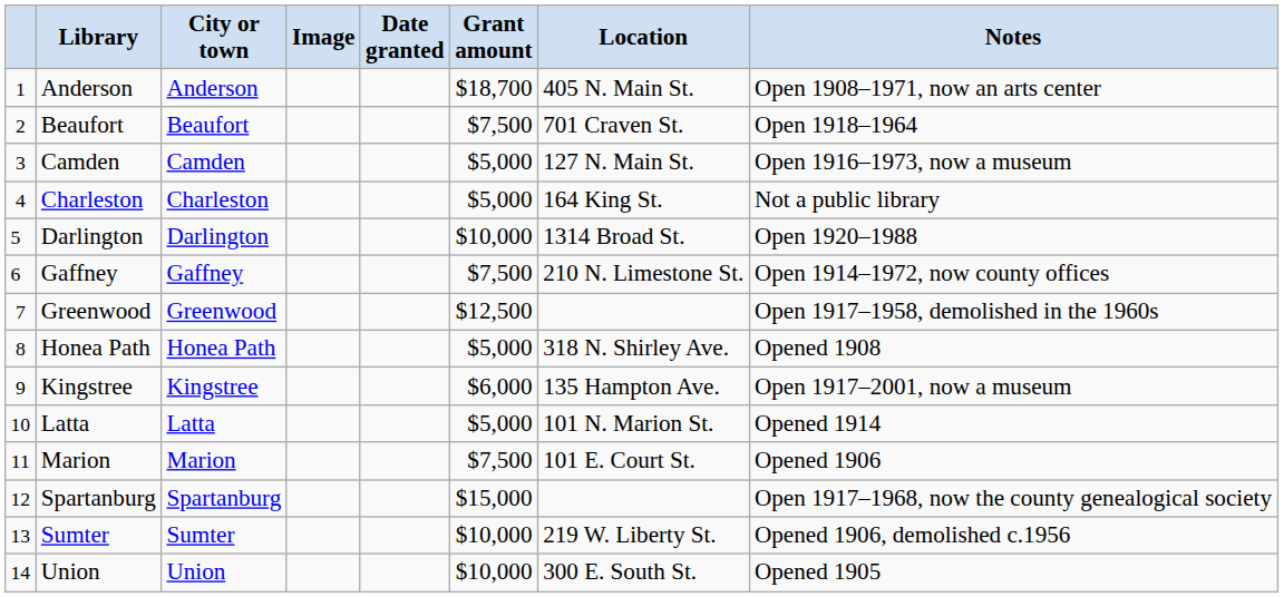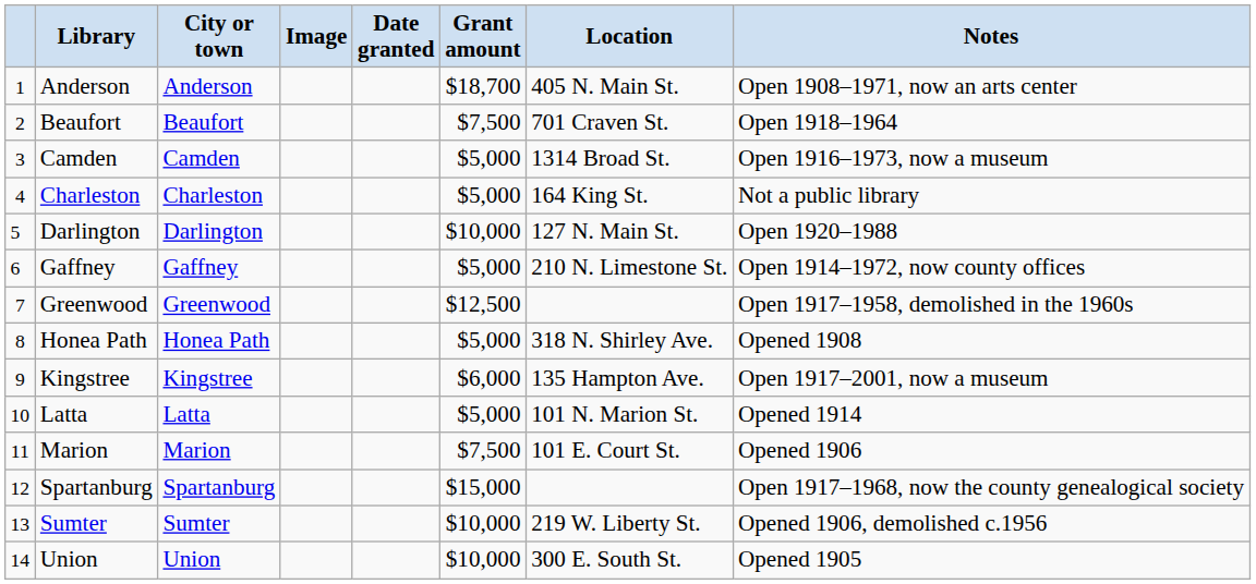 <table class="wikitable sortable" align="center">
 <tr>
 <th style="background-color:#CEE0F2;"></th>
 <th style="background-color:#CEE0F2;">Library</th>
 <th style="background-color:#CEE0F2;">City or<br>town</th>
 <th style="background-color:#CEE0F2;" class="unsortable">Image</th>
 <th style="background-color:#CEE0F2;">Date<br>granted</th>
 <th style="background-color:#CEE0F2;">Grant<br>amount</th>
 <th style="background-color:#CEE0F2;">Location</th>
 <th style="background-color:#CEE0F2;" class="unsortable">Notes</th>
 </tr>
 <tr ->
 <td align=center><small>1</small></td>
 <td>Anderson</td>
 <td><a href='#'>Anderson</a></td>
 <td></td>
 <td></td>
 <td align=right>$18,700</td>
 <td>405 N. Main St.</td>
 <td>Open 1908–1971, now an arts center</td>
 </tr>
 <tr ->
 <td align=center><small>2</small></td>
 <td>Beaufort</td>
 <td><a href='#'>Beaufort</a></td>
 <td></td>
 <td></td>
 <td align=right>$7,500</td>
 <td>701 Craven St.</td>
 <td>Open 1918–1964</td>
 </tr>
 <tr ->
 <td align=center><small>3</small></td>
 <td>Camden</td>
 <td><a href='#'>Camden</a></td>
 <td></td>
 <td></td>
 <td align=right>$5,000</td>
-<td>127 N. Main St.</td>
+<td>1314 Broad St.</td>
 <td>Open 1916–1973, now a museum</td>
 </tr>
 <tr ->
 <td align=center><small>4</small></td>
 <td><a href='#'>Charleston</a></td>
 <td><a href='#'>Charleston</a></td>
 <td></td>
 <td></td>
 <td align=right>$5,000</td>
 <td>164 King St.</td>
 <td>Not a public library</td>
 </tr>
 <tr ->
 <td><small>5</small></td>
 <td>Darlington</td>
 <td><a href='#'>Darlington</a></td>
 <td></td>
 <td></td>
 <td align=right>$10,000</td>
-<td>1314 Broad St.</td>
+<td>127 N. Main St.</td>
 <td>Open 1920–1988</td>
 </tr>
 <tr ->
 <td><small>6</small></td>
 <td>Gaffney</td>
 <td><a href='#'>Gaffney</a></td>
 <td></td>
 <td></td>
-<td align=right>$7,500</td>
+<td align=right>$5,000</td>
 <td>210 N. Limestone St.</td>
 <td>Open 1914–1972, now county offices</td>
 </tr>
 <tr ->
 <td align=center><small>7</small></td>
 <td>Greenwood</td>
 <td><a href='#'>Greenwood</a></td>
 <td></td>
 <td></td>
 <td align=right>$12,500</td>
 <td></td>
 <td>Open 1917–1958, demolished in the 1960s</td>
 </tr>
 <tr ->
 <td align=center><small>8</small></td>
 <td>Honea Path</td>
 <td><a href='#'>Honea Path</a></td>
 <td></td>
 <td></td>
 <td align=right>$5,000</td>
 <td>318 N. Shirley Ave.</td>
 <td>Opened 1908</td>
 </tr>
 <tr ->
 <td align=center><small>9</small></td>
 <td>Kingstree</td>
 <td><a href='#'>Kingstree</a></td>
 <td></td>
 <td></td>
 <td align=right>$6,000</td>
 <td>135 Hampton Ave.</td>
 <td>Open 1917–2001, now a museum</td>
 </tr>
 <tr ->
 <td align=center><small>10</small></td>
 <td>Latta</td>
 <td><a href='#'>Latta</a></td>
 <td></td>
 <td></td>
 <td align=right>$5,000</td>
 <td>101 N. Marion St.</td>
 <td>Opened 1914</td>
 </tr>
 <tr ->
 <td align=center><small>11</small></td>
 <td>Marion</td>
 <td><a href='#'>Marion</a></td>
 <td></td>
 <td></td>
 <td align=right>$7,500</td>
 <td>101 E. Court St.</td>
 <td>Opened 1906</td>
 </tr>
 <tr ->
 <td align=center><small>12</small></td>
 <td>Spartanburg</td>
 <td><a href='#'>Spartanburg</a></td>
 <td></td>
 <td></td>
 <td align=right>$15,000</td>
 <td></td>
 <td>Open 1917–1968, now the county genealogical society</td>
 </tr>
 <tr ->
 <td><small>13</small></td>
 <td><a href='#'>Sumter</a></td>
 <td><a href='#'>Sumter</a></td>
 <td></td>
 <td></td>
 <td align=right>$10,000</td>
 <td>219 W. Liberty St.</td>
 <td>Opened 1906, demolished c.1956</td>
 </tr>
 <tr ->
 <td><small>14</small></td>
 <td>Union</td>
 <td><a href='#'>Union</a></td>
 <td></td>
 <td></td>
 <td align=right>$10,000</td>
 <td>300 E. South St.</td>
 <td>Opened 1905</td>
 </tr>
 </table>
